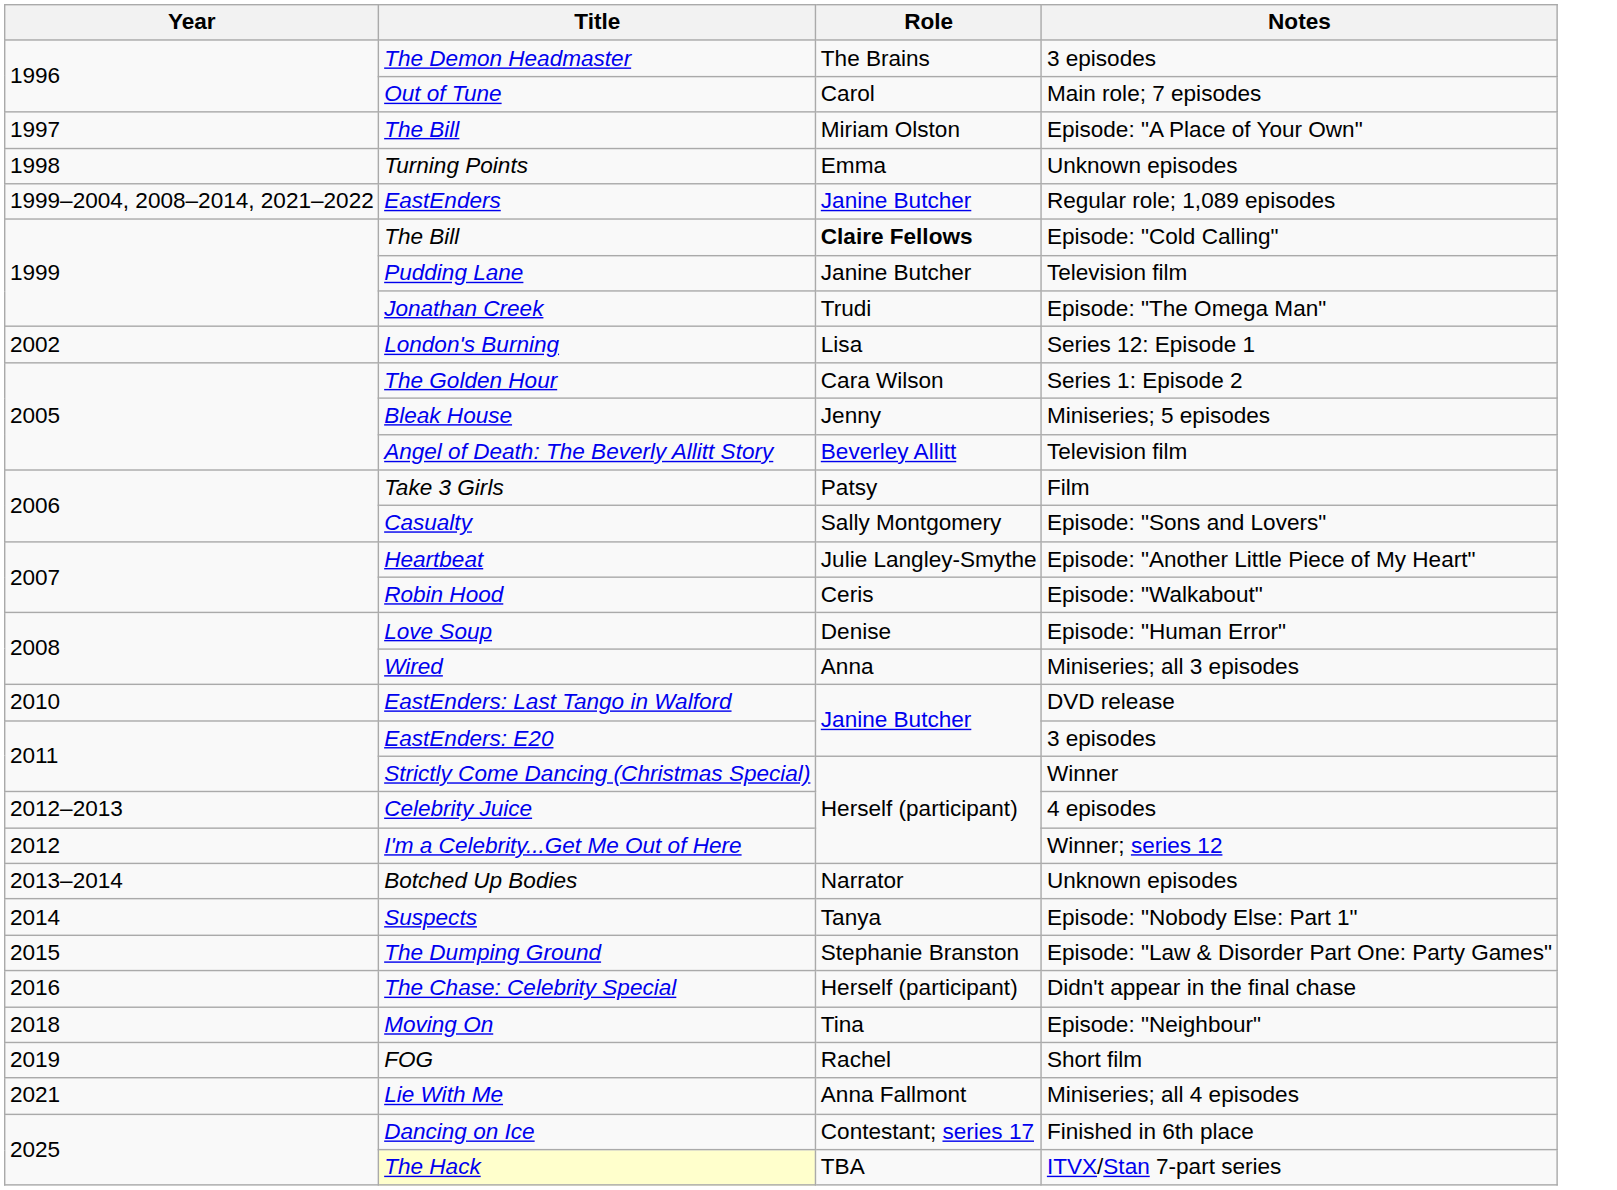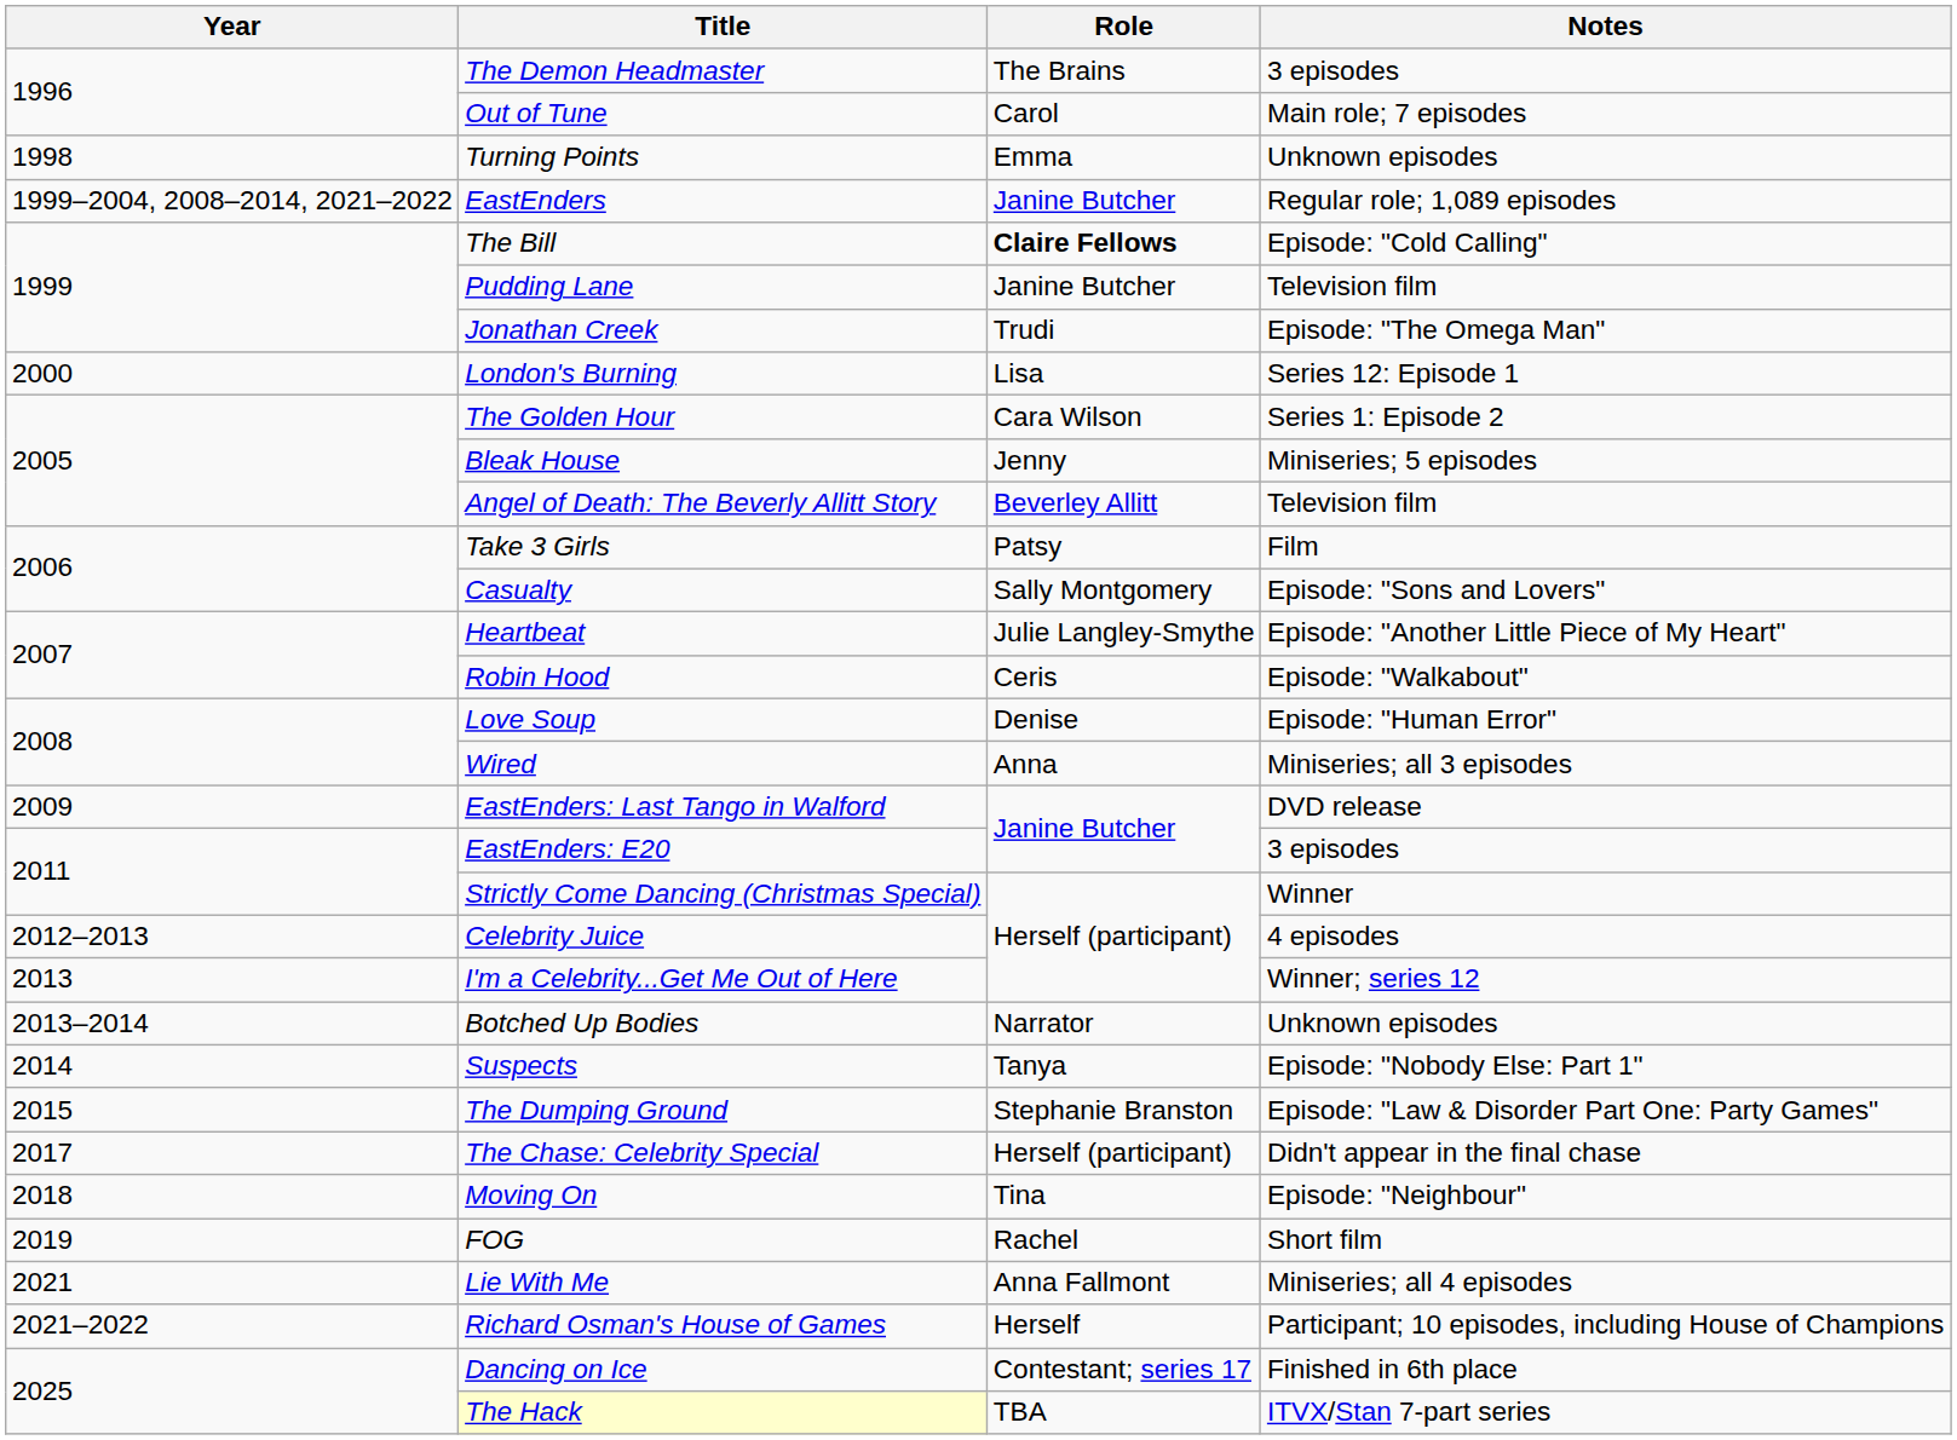 <table class="wikitable sortable">
 <tr>
 <th>Year</th>
 <th>Title</th>
 <th class="unsortable">Role</th>
 <th class="unsortable">Notes</th>
 </tr>
 <tr>
 <td rowspan="2">1996</td>
 <td><em><a href='#'>The Demon Headmaster</a></em></td>
 <td>The Brains</td>
 <td>3 episodes</td>
 </tr>
 <tr>
 <td><em><a href='#'>Out of Tune</a></em></td>
 <td>Carol</td>
 <td>Main role; 7 episodes</td>
-</tr>
-<tr>
-<td>1997</td>
-<td><em><a href='#'>The Bill</a></em></td>
-<td>Miriam Olston</td>
-<td>Episode: "A Place of Your Own"</td>
 </tr>
 <tr>
 <td>1998</td>
 <td><em>Turning Points</em></td>
 <td>Emma</td>
 <td>Unknown episodes</td>
 </tr>
 <tr>
 <td>1999–2004, 2008–2014, 2021–2022</td>
 <td><em><a href='#'>EastEnders</a></em></td>
 <td><a href='#'>Janine Butcher</a></td>
 <td>Regular role; 1,089 episodes</td>
 </tr>
 <tr>
 <td rowspan="3">1999</td>
 <td><em>The Bill</em></td>
 <td><strong>Claire Fellows</strong></td>
 <td>Episode: "Cold Calling"</td>
 </tr>
 <tr>
 <td><em><a href='#'>Pudding Lane</a></em></td>
 <td>Janine Butcher</td>
 <td>Television film</td>
 </tr>
 <tr>
 <td><em><a href='#'>Jonathan Creek</a></em></td>
 <td>Trudi</td>
 <td>Episode: "The Omega Man"</td>
 </tr>
 <tr>
-<td>2002</td>
+<td>2000</td>
 <td><em><a href='#'>London's Burning</a></em></td>
 <td>Lisa</td>
 <td>Series 12: Episode 1</td>
 </tr>
 <tr>
 <td rowspan="3">2005</td>
 <td><em><a href='#'>The Golden Hour</a></em></td>
 <td>Cara Wilson</td>
 <td>Series 1: Episode 2</td>
 </tr>
 <tr>
 <td><em><a href='#'>Bleak House</a></em></td>
 <td>Jenny</td>
 <td>Miniseries; 5 episodes</td>
 </tr>
 <tr>
 <td><em><a href='#'>Angel of Death: The Beverly Allitt Story</a></em></td>
 <td><a href='#'>Beverley Allitt</a></td>
 <td>Television film</td>
 </tr>
 <tr>
 <td rowspan="2">2006</td>
 <td><em>Take 3 Girls</em></td>
 <td>Patsy</td>
 <td>Film</td>
 </tr>
 <tr>
 <td><em><a href='#'>Casualty</a></em></td>
 <td>Sally Montgomery</td>
 <td>Episode: "Sons and Lovers"</td>
 </tr>
 <tr>
 <td rowspan="2">2007</td>
 <td><em><a href='#'>Heartbeat</a></em></td>
 <td>Julie Langley-Smythe</td>
 <td>Episode: "Another Little Piece of My Heart"</td>
 </tr>
 <tr>
 <td><em><a href='#'>Robin Hood</a></em></td>
 <td>Ceris</td>
 <td>Episode: "Walkabout"</td>
 </tr>
 <tr>
 <td rowspan="2">2008</td>
 <td><em><a href='#'>Love Soup</a></em></td>
 <td>Denise</td>
 <td>Episode: "Human Error"</td>
 </tr>
 <tr>
 <td><em><a href='#'>Wired</a></em></td>
 <td>Anna</td>
 <td>Miniseries; all 3 episodes</td>
 </tr>
 <tr>
-<td>2010</td>
+<td>2009</td>
 <td><em><a href='#'>EastEnders: Last Tango in Walford</a></em></td>
 <td rowspan="2"><a href='#'>Janine Butcher</a></td>
 <td>DVD release</td>
 </tr>
 <tr>
 <td rowspan="2">2011</td>
 <td><em><a href='#'>EastEnders: E20</a></em></td>
 <td>3 episodes</td>
 </tr>
 <tr>
 <td><em><a href='#'>Strictly Come Dancing (Christmas Special)</a></em></td>
 <td rowspan="3">Herself (participant)</td>
 <td>Winner</td>
 </tr>
 <tr>
 <td>2012–2013</td>
 <td><em><a href='#'>Celebrity Juice</a></em></td>
 <td>4 episodes</td>
 </tr>
 <tr>
-<td>2012</td>
+<td>2013</td>
 <td><em><a href='#'>I'm a Celebrity...Get Me Out of Here</a></em></td>
 <td>Winner; <a href='#'>series 12</a></td>
 </tr>
 <tr>
 <td>2013–2014</td>
 <td><em>Botched Up Bodies</em></td>
 <td>Narrator</td>
 <td>Unknown episodes</td>
 </tr>
 <tr>
 <td>2014</td>
 <td><em><a href='#'>Suspects</a></em></td>
 <td>Tanya</td>
 <td>Episode: "Nobody Else: Part 1"</td>
 </tr>
 <tr>
 <td>2015</td>
 <td><em><a href='#'>The Dumping Ground</a></em></td>
 <td>Stephanie Branston</td>
 <td>Episode: "Law & Disorder Part One: Party Games"</td>
 </tr>
 <tr>
-<td>2016</td>
+<td>2017</td>
 <td><em><a href='#'>The Chase: Celebrity Special</a></em></td>
 <td>Herself (participant)</td>
 <td>Didn't appear in the final chase</td>
 </tr>
 <tr>
 <td>2018</td>
 <td><em><a href='#'>Moving On</a></em></td>
 <td>Tina</td>
 <td>Episode: "Neighbour"</td>
 </tr>
 <tr>
 <td>2019</td>
 <td><em>FOG</em></td>
 <td>Rachel</td>
 <td>Short film</td>
 </tr>
 <tr>
 <td>2021</td>
 <td><em><a href='#'>Lie With Me</a></em></td>
 <td>Anna Fallmont</td>
 <td>Miniseries; all 4 episodes</td>
 </tr>
 <tr>
+<td>2021–2022</td>
+<td><em><a href='#'>Richard Osman's House of Games</a></em></td>
+<td>Herself</td>
+<td>Participant; 10 episodes, including House of Champions</td>
+</tr>
+<tr>
 <td rowspan="2">2025</td>
 <td><em><a href='#'>Dancing on Ice</a></em></td>
 <td>Contestant; <a href='#'>series 17</a></td>
 <td>Finished in 6th place</td>
 </tr>
 <tr>
 <td style="background:#FFFFCC;“"><em><a href='#'>The Hack</a></em></td>
 <td>TBA</td>
 <td><a href='#'>ITVX</a>/<a href='#'>Stan</a> 7-part series</td>
 </tr>
 </table>
